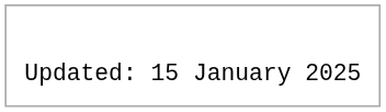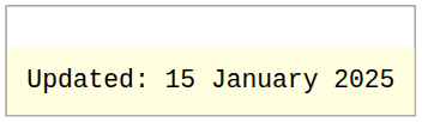 <table style="border:solid 1px #aaa; margin-left:1em;" cellpadding="10" cellspacing="0">
 <tr>
 <td></td>
 </tr>
 <tr>
-<td>Updated: 15 January 2025</td>
+<td style="background: lightyellow;">Updated: 15 January 2025</td>
 </tr>
 </table>
